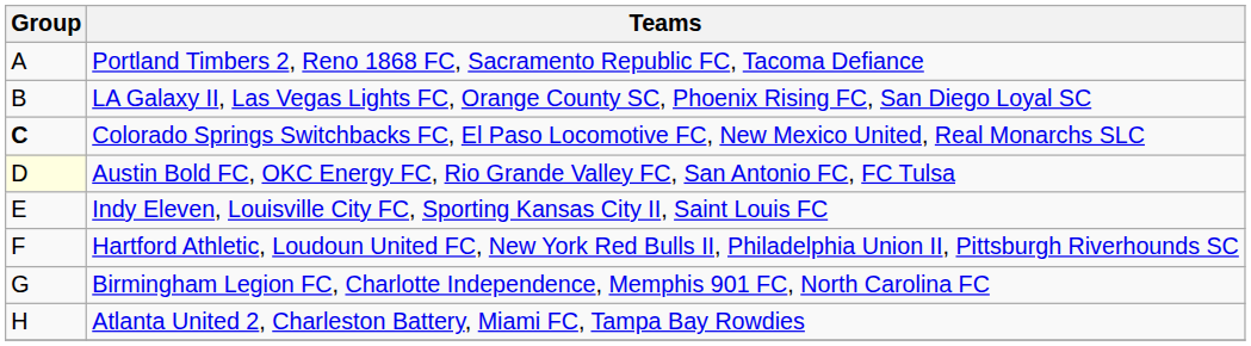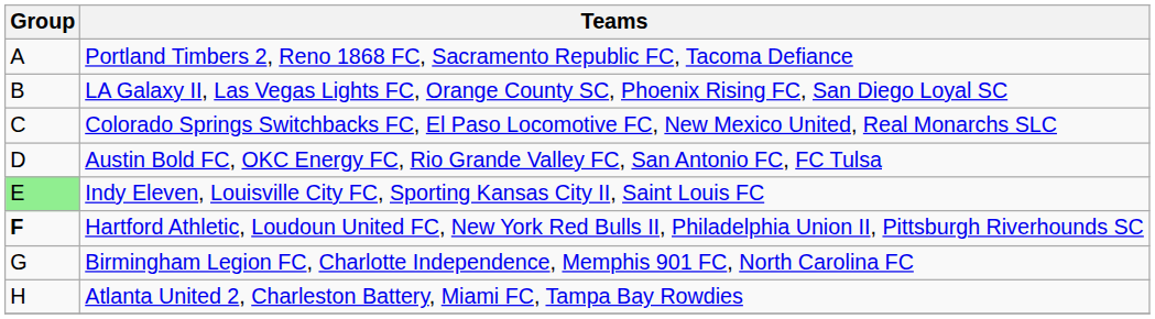 <table class="wikitable">
 <tr>
 <th>Group</th>
 <th>Teams</th>
 </tr>
 <tr>
 <td>A</td>
 <td><a href='#'>Portland Timbers 2</a>, <a href='#'>Reno 1868 FC</a>, <a href='#'>Sacramento Republic FC</a>, <a href='#'>Tacoma Defiance</a></td>
 </tr>
 <tr>
 <td>B</td>
 <td><a href='#'>LA Galaxy II</a>, <a href='#'>Las Vegas Lights FC</a>, <a href='#'>Orange County SC</a>, <a href='#'>Phoenix Rising FC</a>, <a href='#'>San Diego Loyal SC</a></td>
 </tr>
 <tr>
-<td><strong>C</strong></td>
+<td>C</td>
 <td><a href='#'>Colorado Springs Switchbacks FC</a>, <a href='#'>El Paso Locomotive FC</a>, <a href='#'>New Mexico United</a>, <a href='#'>Real Monarchs SLC</a></td>
 </tr>
 <tr>
-<td style="background: lightyellow;">D</td>
+<td>D</td>
 <td><a href='#'>Austin Bold FC</a>, <a href='#'>OKC Energy FC</a>, <a href='#'>Rio Grande Valley FC</a>, <a href='#'>San Antonio FC</a>, <a href='#'>FC Tulsa</a></td>
 </tr>
 <tr>
-<td>E</td>
+<td style="background: lightgreen;">E</td>
 <td><a href='#'>Indy Eleven</a>, <a href='#'>Louisville City FC</a>, <a href='#'>Sporting Kansas City II</a>, <a href='#'>Saint Louis FC</a></td>
 </tr>
 <tr>
-<td>F</td>
+<td><strong>F</strong></td>
 <td><a href='#'>Hartford Athletic</a>, <a href='#'>Loudoun United FC</a>, <a href='#'>New York Red Bulls II</a>, <a href='#'>Philadelphia Union II</a>, <a href='#'>Pittsburgh Riverhounds SC</a></td>
 </tr>
 <tr>
 <td>G</td>
 <td><a href='#'>Birmingham Legion FC</a>, <a href='#'>Charlotte Independence</a>, <a href='#'>Memphis 901 FC</a>, <a href='#'>North Carolina FC</a></td>
 </tr>
 <tr>
 <td>H</td>
 <td><a href='#'>Atlanta United 2</a>, <a href='#'>Charleston Battery</a>, <a href='#'>Miami FC</a>, <a href='#'>Tampa Bay Rowdies</a></td>
 </tr>
 <tr>
 </tr>
 </table>
